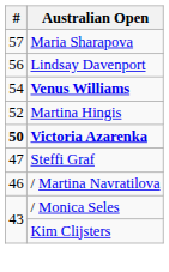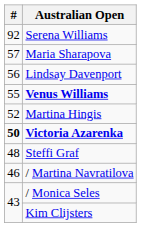 <table class="wikitable" style="display:inline-table;">
 <tr>
 <th>#</th>
 <th>Australian Open</th>
+</tr>
+<tr>
+<td>92</td>
+<td> <a href='#'>Serena Williams</a></td>
 </tr>
 <tr>
 <td>57</td>
 <td> <a href='#'>Maria Sharapova</a></td>
 </tr>
 <tr>
 <td>56</td>
 <td> <a href='#'>Lindsay Davenport</a></td>
 </tr>
 <tr>
-<td>54</td>
+<td>55</td>
 <td> <strong><a href='#'>Venus Williams</a></strong></td>
 </tr>
 <tr>
 <td>52</td>
 <td> <a href='#'>Martina Hingis</a></td>
 </tr>
 <tr>
 <td><strong>50</strong></td>
 <td> <strong><a href='#'>Victoria Azarenka</a></strong></td>
 </tr>
 <tr>
-<td>47</td>
+<td>48</td>
 <td> <a href='#'>Steffi Graf</a></td>
 </tr>
 <tr>
 <td>46</td>
 <td>/ <a href='#'>Martina Navratilova</a></td>
 </tr>
 <tr>
 <td rowspan=2>43</td>
 <td>/ <a href='#'>Monica Seles</a></td>
 </tr>
 <tr>
 <td> <a href='#'>Kim Clijsters</a></td>
 </tr>
 </table>
